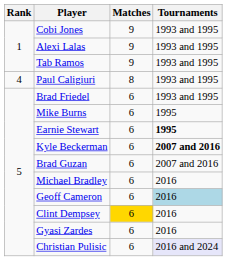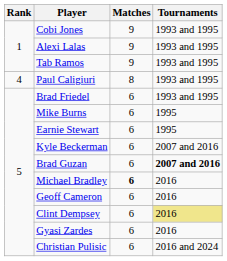 <table class="wikitable" style="text-align: left;">
 <tr>
 <th>Rank</th>
 <th>Player</th>
 <th>Matches</th>
 <th>Tournaments</th>
 </tr>
 <tr>
 <td rowspan=3 align=center>1</td>
 <td><a href='#'>Cobi Jones</a></td>
 <td align=center>9</td>
 <td>1993 and 1995</td>
 </tr>
 <tr>
 <td><a href='#'>Alexi Lalas</a></td>
 <td align=center>9</td>
 <td>1993 and 1995</td>
 </tr>
 <tr>
 <td><a href='#'>Tab Ramos</a></td>
 <td align=center>9</td>
 <td>1993 and 1995</td>
 </tr>
 <tr>
 <td align=center>4</td>
 <td><a href='#'>Paul Caligiuri</a></td>
 <td align=center>8</td>
 <td>1993 and 1995</td>
 </tr>
 <tr>
 <td rowspan=10 align=center>5</td>
 <td><a href='#'>Brad Friedel</a></td>
 <td align=center>6</td>
 <td>1993 and 1995</td>
 </tr>
 <tr>
 <td><a href='#'>Mike Burns</a></td>
 <td align=center>6</td>
 <td>1995</td>
 </tr>
 <tr>
 <td><a href='#'>Earnie Stewart</a></td>
 <td align=center>6</td>
-<td><strong>1995</strong></td>
+<td>1995</td>
 </tr>
 <tr>
 <td><a href='#'>Kyle Beckerman</a></td>
 <td align=center>6</td>
-<td><strong>2007 and 2016</strong></td>
+<td>2007 and 2016</td>
 </tr>
 <tr>
 <td><a href='#'>Brad Guzan</a></td>
 <td align=center>6</td>
-<td>2007 and 2016</td>
+<td><strong>2007 and 2016</strong></td>
 </tr>
 <tr>
 <td><a href='#'>Michael Bradley</a></td>
-<td align=center>6</td>
+<td align=center><strong>6</strong></td>
 <td>2016</td>
 </tr>
 <tr>
 <td><a href='#'>Geoff Cameron</a></td>
 <td align=center>6</td>
-<td style="background: lightblue;">2016</td>
+<td>2016</td>
 </tr>
 <tr>
 <td><a href='#'>Clint Dempsey</a></td>
-<td align=center style="background: gold;">6</td>
-<td>2016</td>
+<td align=center>6</td>
+<td style="background: khaki;">2016</td>
 </tr>
 <tr>
 <td><a href='#'>Gyasi Zardes</a></td>
 <td align=center>6</td>
 <td>2016</td>
 </tr>
 <tr>
 <td><a href='#'>Christian Pulisic</a></td>
 <td align=center>6</td>
-<td style="background: lavender;">2016 and 2024</td>
+<td>2016 and 2024</td>
 </tr>
 </table>
